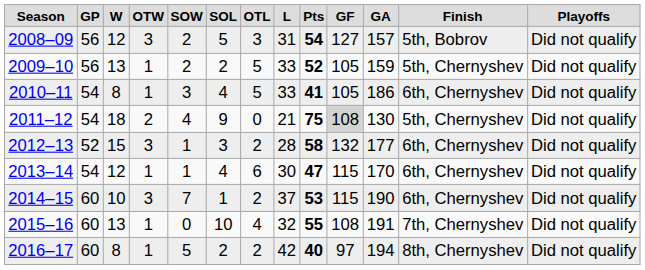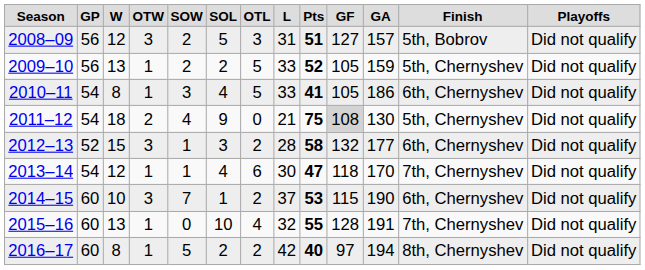 <table class="wikitable">
 <tr style="text-align:center; font-size:small; background:#ddd; padding:5px;"|>
 <td><strong>Season</strong></td>
 <td><strong>GP</strong></td>
 <td><strong>W</strong></td>
 <td><strong>OTW</strong></td>
 <td><strong>SOW</strong></td>
 <td><strong>SOL</strong></td>
 <td><strong>OTL</strong></td>
 <td><strong>L</strong></td>
 <td><strong>Pts</strong></td>
 <td><strong>GF</strong></td>
 <td><strong>GA</strong></td>
 <td><strong>Finish</strong></td>
 <td><strong>Playoffs</strong></td>
 </tr>
 <tr style="background:#eee;">
 <td align=center><a href='#'>2008–09</a></td>
 <td align=center>56</td>
 <td align=center>12</td>
 <td align=center>3</td>
 <td align=center>2</td>
 <td align=center>5</td>
 <td align=center>3</td>
 <td align=center>31</td>
-<td align=center><strong>54</strong></td>
+<td align=center><strong>51</strong></td>
 <td align=center>127</td>
 <td align=center>157</td>
 <td>5th, Bobrov</td>
 <td>Did not qualify</td>
 </tr>
 <tr>
 <td align=center><a href='#'>2009–10</a></td>
 <td align=center>56</td>
 <td align=center>13</td>
 <td align=center>1</td>
 <td align=center>2</td>
 <td align=center>2</td>
 <td align=center>5</td>
 <td align=center>33</td>
 <td align=center><strong>52</strong></td>
 <td align=center>105</td>
 <td align=center>159</td>
 <td>5th, Chernyshev</td>
 <td>Did not qualify</td>
 </tr>
 <tr style="background:#eee;">
 <td align=center><a href='#'>2010–11</a></td>
 <td align=center>54</td>
 <td align=center>8</td>
 <td align=center>1</td>
 <td align=center>3</td>
 <td align=center>4</td>
 <td align=center>5</td>
 <td align=center>33</td>
 <td align=center><strong>41</strong></td>
 <td align=center>105</td>
 <td align=center>186</td>
 <td>6th, Chernyshev</td>
 <td>Did not qualify</td>
 </tr>
 <tr>
 <td align=center><a href='#'>2011–12</a></td>
 <td align=center>54</td>
 <td align=center>18</td>
 <td align=center>2</td>
 <td align=center>4</td>
 <td align=center>9</td>
 <td align=center>0</td>
 <td align=center>21</td>
 <td align=center><strong>75</strong></td>
 <td align=center style="background: lightgrey;">108</td>
 <td align=center>130</td>
 <td>5th, Chernyshev</td>
 <td>Did not qualify</td>
 </tr>
 <tr style="background:#eee;">
 <td align=center><a href='#'>2012–13</a></td>
 <td align=center>52</td>
 <td align=center>15</td>
 <td align=center>3</td>
 <td align=center>1</td>
 <td align=center>3</td>
 <td align=center>2</td>
 <td align=center>28</td>
 <td align=center><strong>58</strong></td>
 <td align=center>132</td>
 <td align=center>177</td>
 <td>6th, Chernyshev</td>
 <td>Did not qualify</td>
 </tr>
 <tr>
 <td align=center><a href='#'>2013–14</a></td>
 <td align=center>54</td>
 <td align=center>12</td>
 <td align=center>1</td>
 <td align=center>1</td>
 <td align=center>4</td>
 <td align=center>6</td>
 <td align=center>30</td>
 <td align=center><strong>47</strong></td>
-<td align=center>115</td>
+<td align=center>118</td>
 <td align=center>170</td>
-<td>6th, Chernyshev</td>
+<td>7th, Chernyshev</td>
 <td>Did not qualify</td>
 </tr>
 <tr style="background:#eee;">
 <td align=center><a href='#'>2014–15</a></td>
 <td align=center>60</td>
 <td align=center>10</td>
 <td align=center>3</td>
 <td align=center>7</td>
 <td align=center>1</td>
 <td align=center>2</td>
 <td align=center>37</td>
 <td align=center><strong>53</strong></td>
 <td align=center>115</td>
 <td align=center>190</td>
 <td>6th, Chernyshev</td>
 <td>Did not qualify</td>
 </tr>
 <tr>
 <td align=center><a href='#'>2015–16</a></td>
 <td align=center>60</td>
 <td align=center>13</td>
 <td align=center>1</td>
 <td align=center>0</td>
 <td align=center>10</td>
 <td align=center>4</td>
 <td align=center>32</td>
 <td align=center><strong>55</strong></td>
-<td align=center>108</td>
+<td align=center>128</td>
 <td align=center>191</td>
 <td>7th, Chernyshev</td>
 <td>Did not qualify</td>
 </tr>
 <tr style="background:#eee;">
 <td align=center><a href='#'>2016–17</a></td>
 <td align=center>60</td>
 <td align=center>8</td>
 <td align=center>1</td>
 <td align=center>5</td>
 <td align=center>2</td>
 <td align=center>2</td>
 <td align=center>42</td>
 <td align=center><strong>40</strong></td>
 <td align=center>97</td>
 <td align=center>194</td>
 <td>8th, Chernyshev</td>
 <td>Did not qualify</td>
 </tr>
 </table>
